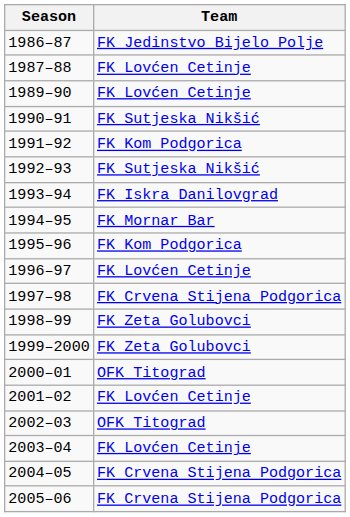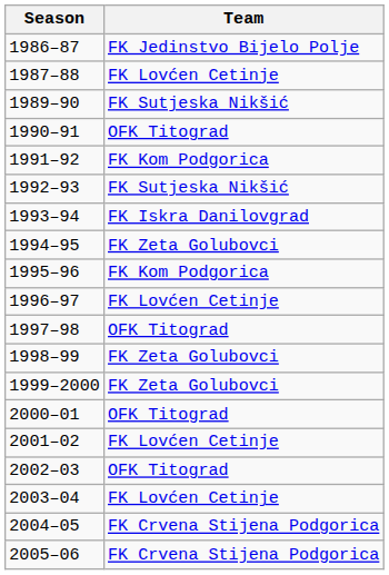 <table class="wikitable" style="font-size:90%">
 <tr>
 <th>Season</th>
 <th>Team</th>
 </tr>
 <tr>
 <td>1986–87</td>
 <td><a href='#'>FK Jedinstvo Bijelo Polje</a></td>
 </tr>
 <tr>
 <td>1987–88</td>
 <td><a href='#'>FK Lovćen Cetinje</a></td>
 </tr>
 <tr>
 <td>1989–90</td>
-<td><a href='#'>FK Lovćen Cetinje</a></td>
+<td><a href='#'>FK Sutjeska Nikšić</a></td>
 </tr>
 <tr>
 <td>1990–91</td>
-<td><a href='#'>FK Sutjeska Nikšić</a></td>
+<td><a href='#'>OFK Titograd</a></td>
 </tr>
 <tr>
 <td>1991–92</td>
 <td><a href='#'>FK Kom Podgorica</a></td>
 </tr>
 <tr>
 <td>1992–93</td>
 <td><a href='#'>FK Sutjeska Nikšić</a></td>
 </tr>
 <tr>
 <td>1993–94</td>
 <td><a href='#'>FK Iskra Danilovgrad</a></td>
 </tr>
 <tr>
 <td>1994–95</td>
-<td><a href='#'>FK Mornar Bar</a></td>
+<td><a href='#'>FK Zeta Golubovci</a></td>
 </tr>
 <tr>
 <td>1995–96</td>
 <td><a href='#'>FK Kom Podgorica</a></td>
 </tr>
 <tr>
 <td>1996–97</td>
 <td><a href='#'>FK Lovćen Cetinje</a></td>
 </tr>
 <tr>
 <td>1997–98</td>
-<td><a href='#'>FK Crvena Stijena Podgorica</a></td>
+<td><a href='#'>OFK Titograd</a></td>
 </tr>
 <tr>
 <td>1998–99</td>
 <td><a href='#'>FK Zeta Golubovci</a></td>
 </tr>
 <tr>
 <td>1999–2000</td>
 <td><a href='#'>FK Zeta Golubovci</a></td>
 </tr>
 <tr>
 <td>2000–01</td>
 <td><a href='#'>OFK Titograd</a></td>
 </tr>
 <tr>
 <td>2001–02</td>
 <td><a href='#'>FK Lovćen Cetinje</a></td>
 </tr>
 <tr>
 <td>2002–03</td>
 <td><a href='#'>OFK Titograd</a></td>
 </tr>
 <tr>
 <td>2003–04</td>
 <td><a href='#'>FK Lovćen Cetinje</a></td>
 </tr>
 <tr>
 <td>2004–05</td>
 <td><a href='#'>FK Crvena Stijena Podgorica</a></td>
 </tr>
 <tr>
 <td>2005–06</td>
 <td><a href='#'>FK Crvena Stijena Podgorica</a></td>
 </tr>
 </table>
